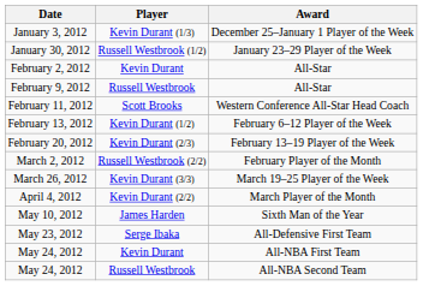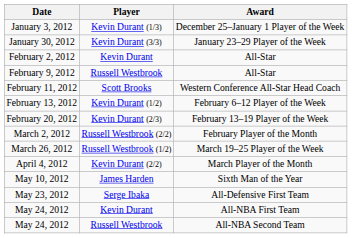 <table class="wikitable sortable sortable" style="text-align: center">
 <tr>
 <th>Date</th>
 <th>Player</th>
 <th>Award</th>
 </tr>
 <tr style="text-align: center">
 <td>January 3, 2012</td>
 <td><a href='#'>Kevin Durant</a> <small>(1/3)</small></td>
 <td>December 25–January 1 Player of the Week</td>
 </tr>
 <tr style="text-align: center">
 <td>January 30, 2012</td>
-<td><a href='#'>Russell Westbrook</a> <small>(1/2)</small></td>
+<td><a href='#'>Kevin Durant</a> <small>(3/3)</small></td>
 <td>January 23–29 Player of the Week</td>
 </tr>
 <tr style="text-align: center">
 <td>February 2, 2012</td>
 <td><a href='#'>Kevin Durant</a></td>
 <td>All-Star</td>
 </tr>
 <tr style="text-align: center">
 <td>February 9, 2012</td>
 <td><a href='#'>Russell Westbrook</a></td>
 <td>All-Star</td>
 </tr>
 <tr style="text-align: center">
 <td>February 11, 2012</td>
 <td><a href='#'>Scott Brooks</a></td>
 <td>Western Conference All-Star Head Coach</td>
 </tr>
 <tr style="text-align: center">
 <td>February 13, 2012</td>
 <td><a href='#'>Kevin Durant</a> <small>(1/2)</small></td>
 <td>February 6–12 Player of the Week</td>
 </tr>
 <tr style="text-align: center">
 <td>February 20, 2012</td>
 <td><a href='#'>Kevin Durant</a> <small>(2/3)</small></td>
 <td>February 13–19 Player of the Week</td>
 </tr>
 <tr style="text-align: center">
 <td>March 2, 2012</td>
 <td><a href='#'>Russell Westbrook</a> <small>(2/2)</small></td>
 <td>February Player of the Month</td>
 </tr>
 <tr style="text-align: center">
 <td>March 26, 2012</td>
-<td><a href='#'>Kevin Durant</a> <small>(3/3)</small></td>
+<td><a href='#'>Russell Westbrook</a> <small>(1/2)</small></td>
 <td>March 19–25 Player of the Week</td>
 </tr>
 <tr style="text-align: center">
 <td>April 4, 2012</td>
 <td><a href='#'>Kevin Durant</a> <small>(2/2)</small></td>
 <td>March Player of the Month</td>
 </tr>
 <tr style="text-align: center">
 <td>May 10, 2012</td>
 <td><a href='#'>James Harden</a></td>
 <td>Sixth Man of the Year</td>
 </tr>
 <tr style="text-align: center">
 <td>May 23, 2012</td>
 <td><a href='#'>Serge Ibaka</a></td>
 <td>All-Defensive First Team</td>
 </tr>
 <tr style="text-align: center">
 <td>May 24, 2012</td>
 <td><a href='#'>Kevin Durant</a></td>
 <td>All-NBA First Team</td>
 </tr>
 <tr style="text-align: center">
 <td>May 24, 2012</td>
 <td><a href='#'>Russell Westbrook</a></td>
 <td>All-NBA Second Team</td>
 </tr>
 </table>
